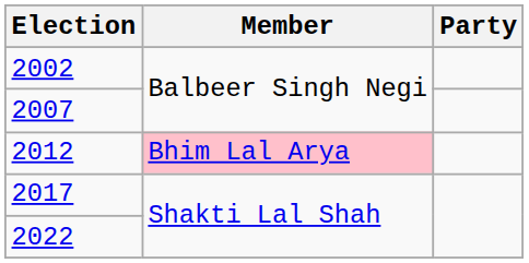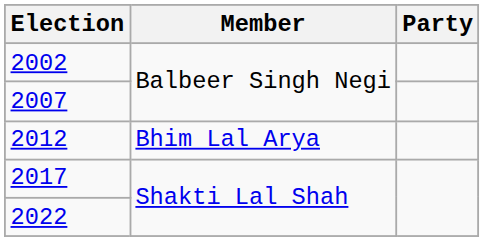 <table class="wikitable sortable">
 <tr>
 <th>Election</th>
 <th>Member</th>
 <th colspan=2>Party</th>
 </tr>
 <tr>
 <td><a href='#'>2002</a></td>
 <td rowspan=2>Balbeer Singh Negi</td>
 <td></td>
 </tr>
 <tr>
 <td><a href='#'>2007</a></td>
 <td></td>
 </tr>
 <tr>
 <td><a href='#'>2012</a></td>
-<td style="background: pink;"><a href='#'>Bhim Lal Arya</a></td>
+<td><a href='#'>Bhim Lal Arya</a></td>
 <td></td>
 </tr>
 <tr>
 <td><a href='#'>2017</a></td>
 <td rowspan=2><a href='#'>Shakti Lal Shah</a></td>
 </tr>
 <tr>
 <td><a href='#'>2022</a></td>
 </tr>
 </table>
